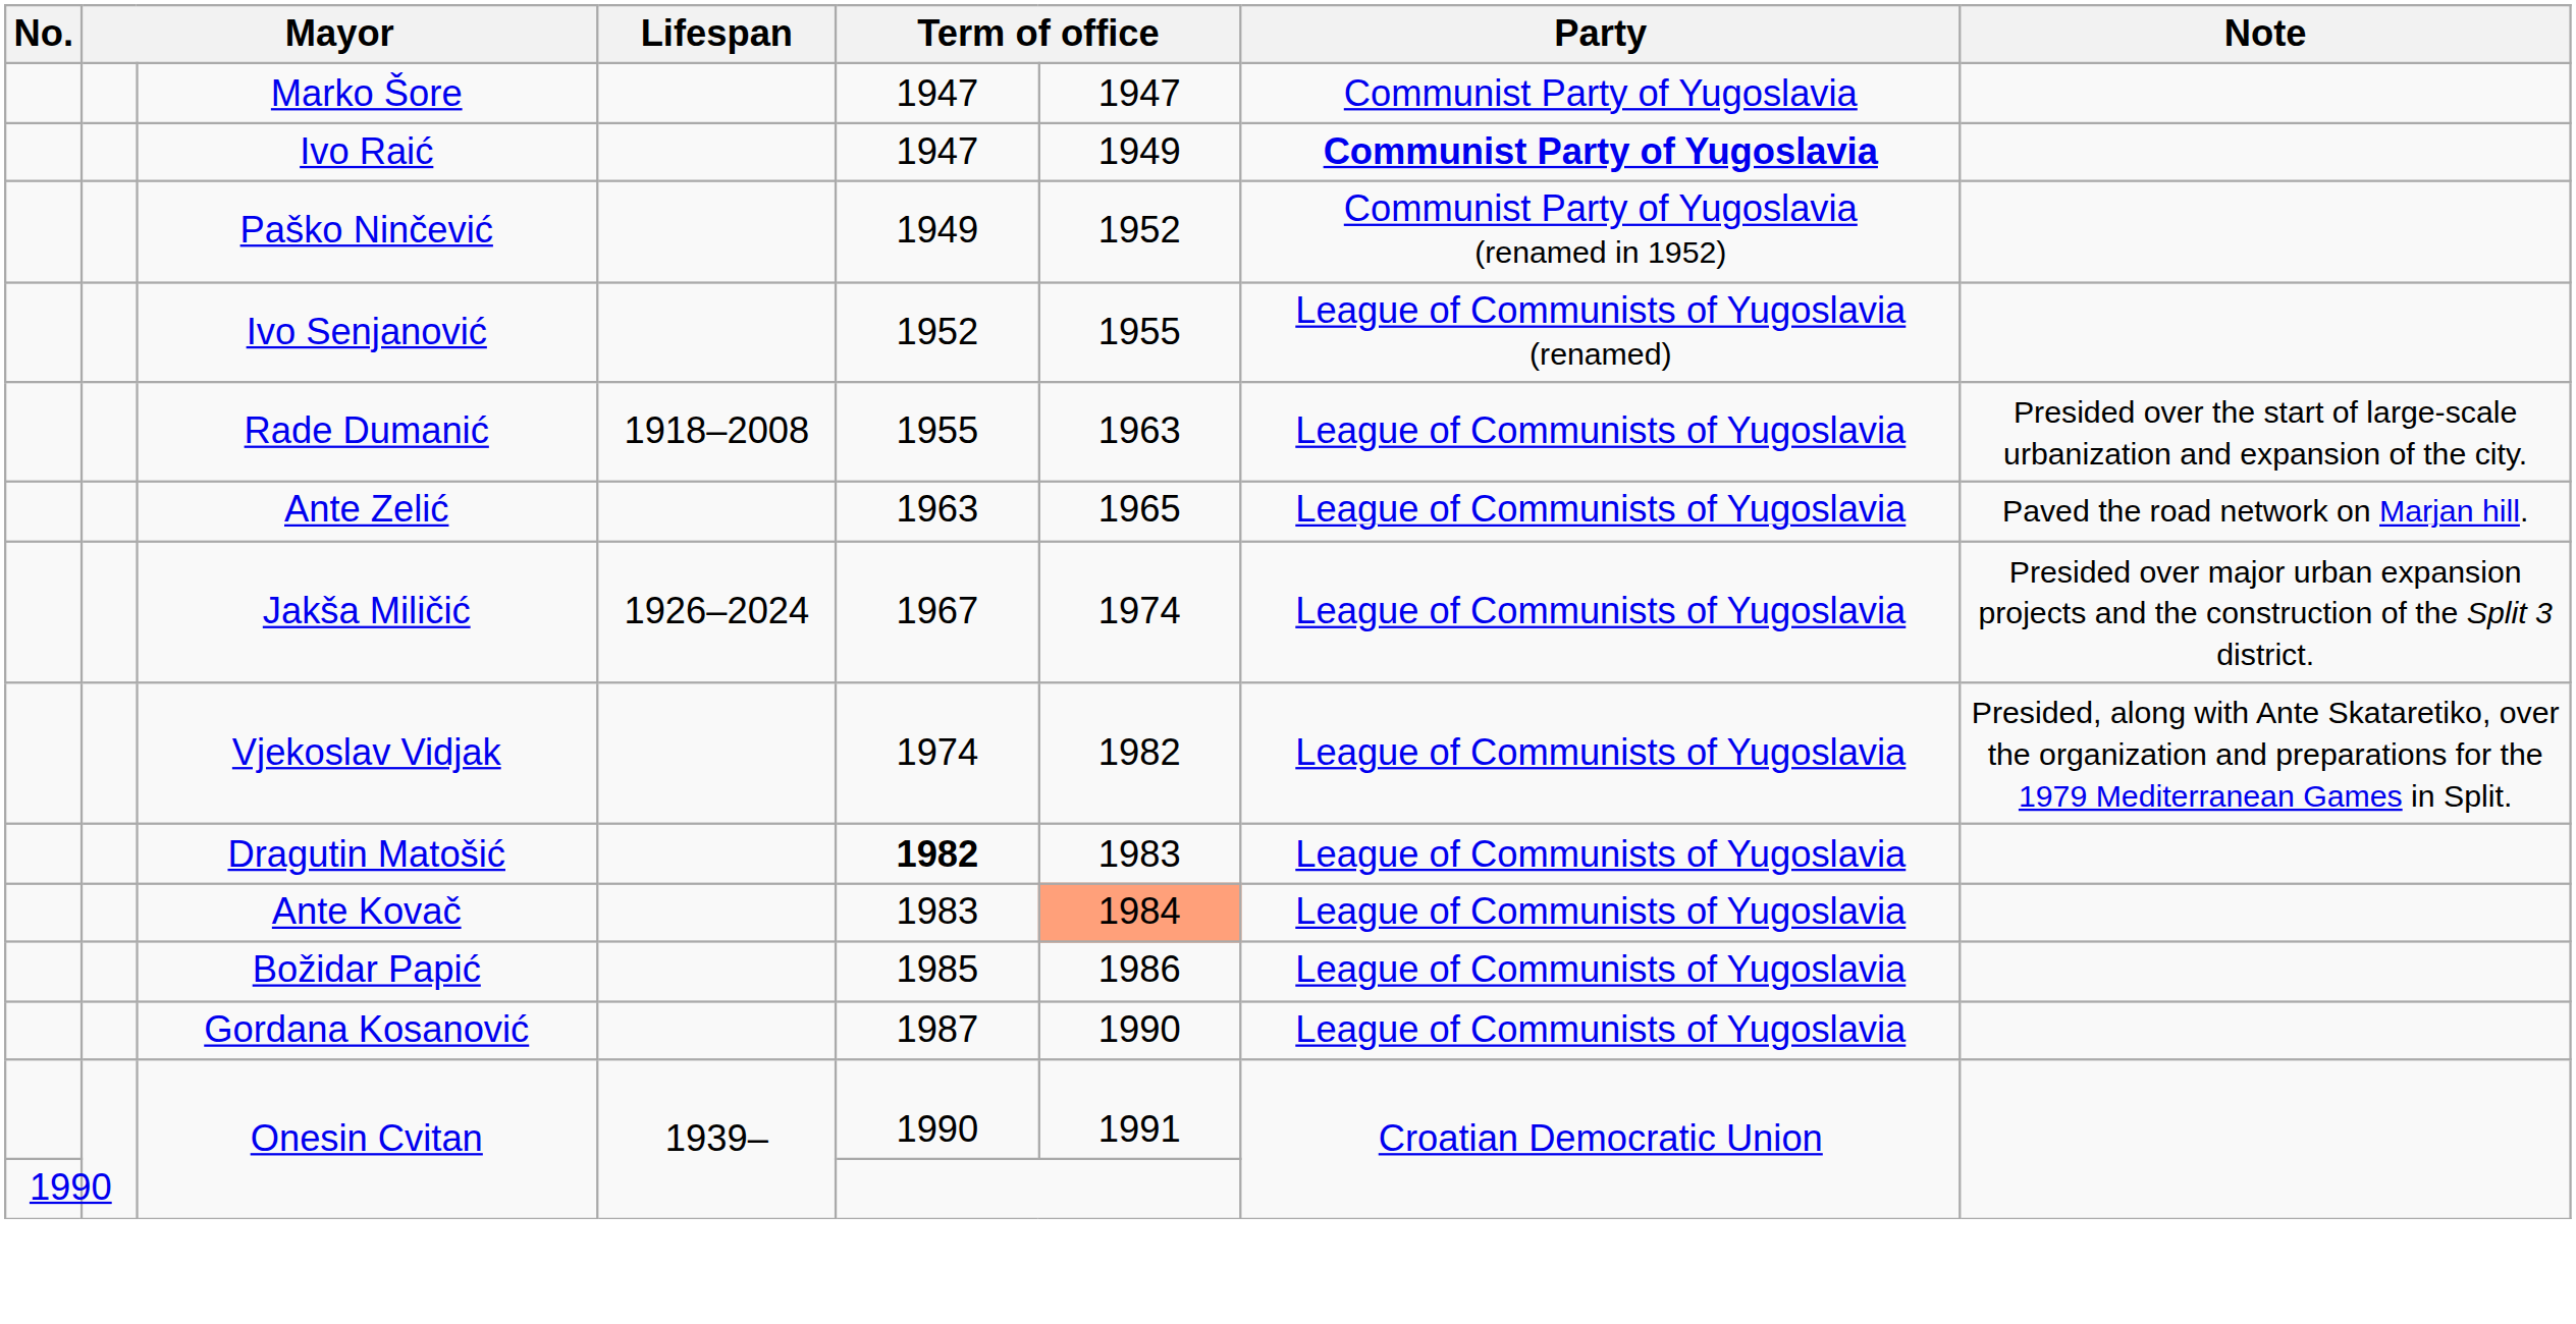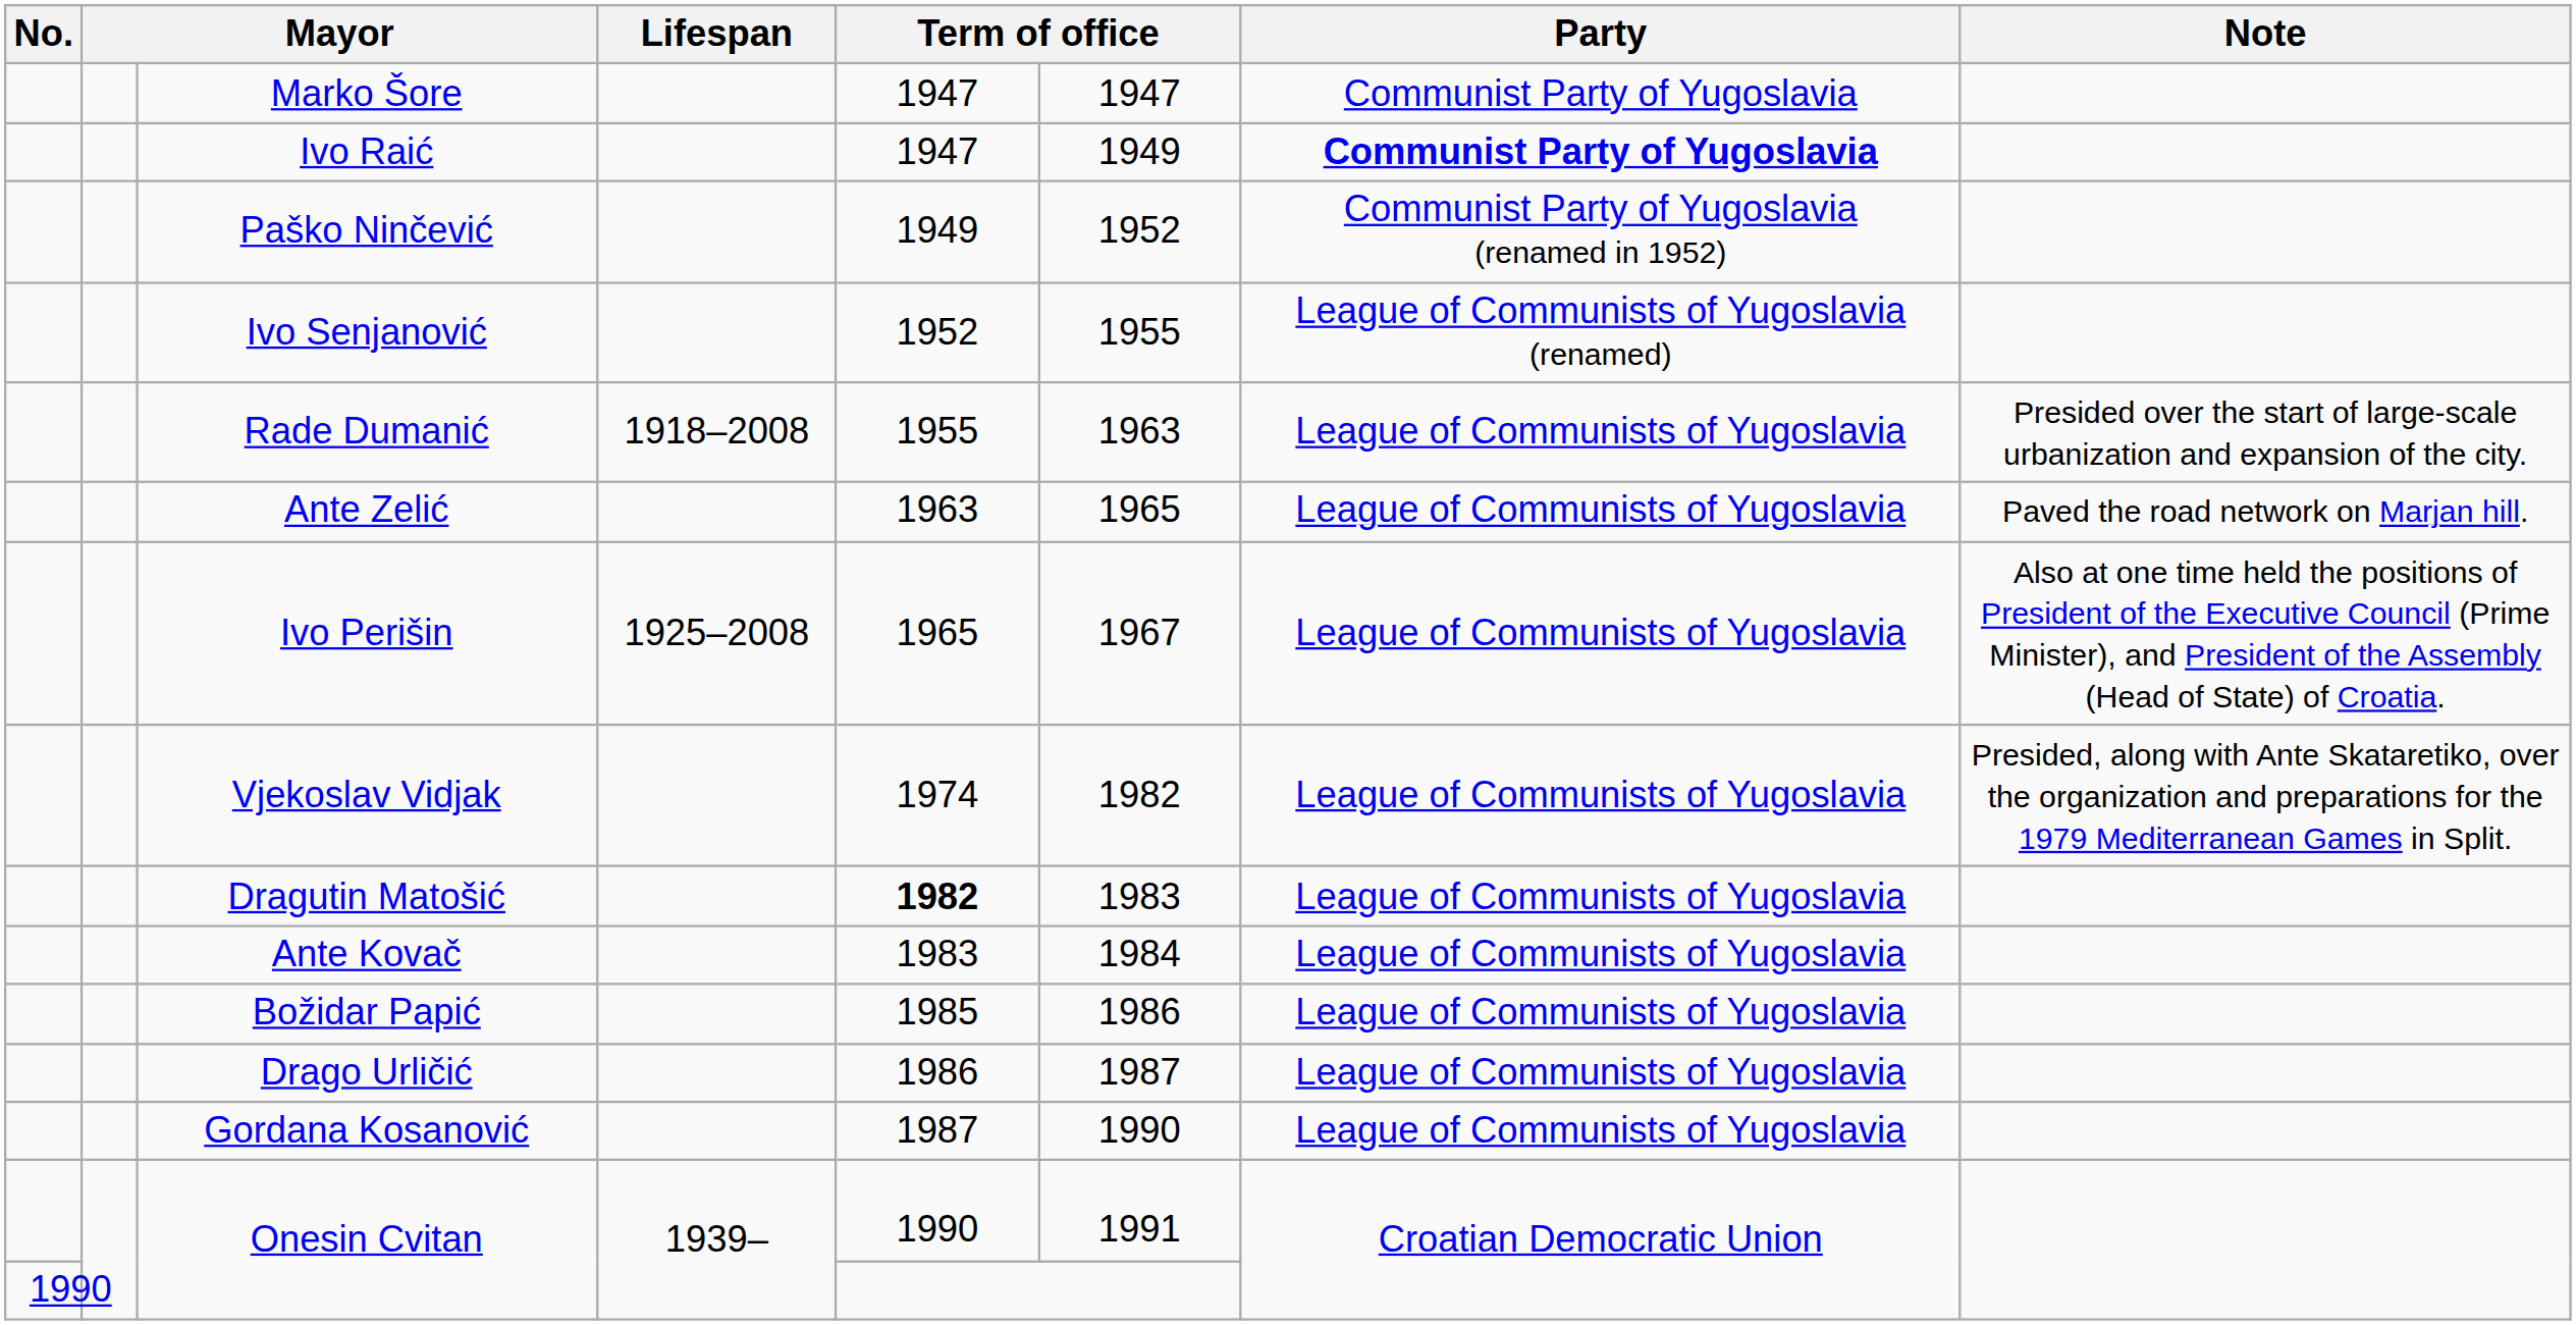 <table class="wikitable" style="text-align:center;">
 <tr>
 <th>No.</th>
 <th colspan=2>Mayor</th>
 <th>Lifespan</th>
 <th colspan=2>Term of office</th>
 <th>Party</th>
 <th>Note</th>
 </tr>
 <tr>
 <td style="background: "></td>
 <td style="width:1em;"></td>
 <td style="width:12em;"><a href='#'>Marko Šore</a></td>
 <td style="width:6em;"></td>
 <td style="width:5em;"><small></small>1947</td>
 <td style="width:5em;"><small></small>1947</td>
 <td style="width:19em;"><a href='#'>Communist Party of Yugoslavia</a></td>
 <td style="width:16em;"><small></small></td>
 </tr>
 <tr>
 <td style="background: "></td>
 <td style="width:1em;"></td>
 <td style="width:12em;"><a href='#'>Ivo Raić</a></td>
 <td style="width:6em;"></td>
 <td style="width:5em;"><small></small>1947</td>
 <td style="width:5em;"><small></small>1949</td>
 <td style="width:19em;"><strong><a href='#'>Communist Party of Yugoslavia</a></strong></td>
 <td style="width:16em;"><small></small></td>
 </tr>
 <tr>
 <td style="background: "></td>
 <td style="width:1em;"></td>
 <td style="width:12em;"><a href='#'>Paško Ninčević</a></td>
 <td style="width:6em;"></td>
 <td style="width:5em;"><small></small>1949</td>
 <td style="width:5em;"><small></small>1952</td>
 <td style="width:19em;"><a href='#'>Communist Party of Yugoslavia</a><br><small>(renamed in 1952)</small></td>
 <td style="width:16em;"><small></small></td>
 </tr>
 <tr>
 <td style="background: "></td>
 <td style="width:1em;"></td>
 <td style="width:12em;"><a href='#'>Ivo Senjanović</a></td>
 <td style="width:6em;"></td>
 <td style="width:5em;"><small></small>1952</td>
 <td style="width:5em;"><small></small>1955</td>
 <td style="width:19em;"><a href='#'>League of Communists of Yugoslavia</a><br><small>(renamed)</small></td>
 <td style="width:16em;"><small></small></td>
 </tr>
 <tr>
 <td style="background: "></td>
 <td style="width:1em;"></td>
 <td style="width:12em;"><a href='#'>Rade Dumanić</a></td>
 <td style="width:6em;">1918–2008</td>
 <td style="width:5em;"><small></small>1955</td>
 <td style="width:5em;"><small></small>1963</td>
 <td style="width:19em;"><a href='#'>League of Communists of Yugoslavia</a></td>
 <td style="width:16em;"><small>Presided over the start of large-scale urbanization and expansion of the city.</small></td>
 </tr>
 <tr>
 <td style="background: "></td>
 <td style="width:1em;"></td>
 <td style="width:12em;"><a href='#'>Ante Zelić</a></td>
 <td style="width:6em;"></td>
 <td style="width:5em;"><small></small>1963</td>
 <td style="width:5em;"><small></small>1965</td>
 <td style="width:19em;"><a href='#'>League of Communists of Yugoslavia</a></td>
 <td style="width:16em;"><small>Paved the road network on <a href='#'>Marjan hill</a>.</small></td>
 </tr>
 <tr>
 <td style="background: "></td>
 <td style="width:1em;"></td>
-<td style="width:12em;"><a href='#'>Jakša Miličić</a></td>
-<td style="width:6em;">1926–2024</td>
+<td style="width:12em;"><a href='#'>Ivo Perišin</a></td>
+<td style="width:6em;">1925–2008</td>
+<td style="width:5em;"><small></small>1965</td>
 <td style="width:5em;"><small></small>1967</td>
-<td style="width:5em;"><small></small>1974</td>
 <td style="width:19em;"><a href='#'>League of Communists of Yugoslavia</a></td>
-<td style="width:16em;"><small>Presided over major urban expansion projects and the construction of the <em>Split 3</em> district.</small></td>
+<td style="width:16em;"><small>Also at one time held the positions of <a href='#'>President of the Executive Council</a> (Prime Minister), and <a href='#'>President of the Assembly</a> (Head of State) of <a href='#'>Croatia</a>.</small></td>
 </tr>
 <tr>
 <td style="background: "></td>
 <td style="width:1em;"></td>
 <td style="width:12em;"><a href='#'>Vjekoslav Vidjak</a></td>
 <td style="width:6em;"></td>
 <td style="width:5em;"><small></small>1974</td>
 <td style="width:5em;"><small></small>1982</td>
 <td style="width:19em;"><a href='#'>League of Communists of Yugoslavia</a></td>
 <td style="width:16em;"><small>Presided, along with Ante Skataretiko, over the organization and preparations for the <a href='#'>1979 Mediterranean Games</a> in Split.</small></td>
 </tr>
 <tr>
 <td style="background: "></td>
 <td style="width:1em;"></td>
 <td style="width:12em;"><a href='#'>Dragutin Matošić</a></td>
 <td style="width:6em;"></td>
 <td style="width:5em;"><strong><small></small>1982</strong></td>
 <td style="width:5em;"><small></small>1983</td>
 <td style="width:19em;"><a href='#'>League of Communists of Yugoslavia</a></td>
 <td style="width:16em;"><small></small></td>
 </tr>
 <tr>
 <td style="background: "></td>
 <td style="width:1em;"></td>
 <td style="width:12em;"><a href='#'>Ante Kovač</a></td>
 <td style="width:6em;"></td>
 <td style="width:5em;"><small></small>1983</td>
-<td style="background: lightsalmon; width:5em;"><small></small>1984</td>
+<td style="width:5em;"><small></small>1984</td>
 <td style="width:19em;"><a href='#'>League of Communists of Yugoslavia</a></td>
 <td style="width:16em;"><small></small></td>
 </tr>
 <tr>
 <td style="background: "></td>
 <td style="width:1em;"></td>
 <td style="width:12em;"><a href='#'>Božidar Papić</a></td>
 <td style="width:6em;"></td>
 <td style="width:5em;"><small></small>1985</td>
 <td style="width:5em;"><small></small>1986</td>
+<td style="width:19em;"><a href='#'>League of Communists of Yugoslavia</a></td>
+<td style="width:16em;"><small></small></td>
+</tr>
+<tr>
+<td style="background: "></td>
+<td style="width:1em;"></td>
+<td style="width:12em;"><a href='#'>Drago Urličić</a></td>
+<td style="width:6em;"></td>
+<td style="width:5em;"><small></small>1986</td>
+<td style="width:5em;"><small></small>1987</td>
 <td style="width:19em;"><a href='#'>League of Communists of Yugoslavia</a></td>
 <td style="width:16em;"><small></small></td>
 </tr>
 <tr>
 <td style="background: "></td>
 <td style="width:1em;"></td>
 <td style="width:12em;"><a href='#'>Gordana Kosanović</a></td>
 <td style="width:6em;"></td>
 <td style="width:5em;"><small></small>1987</td>
 <td style="width:5em;"><small></small>1990</td>
 <td style="width:19em;"><a href='#'>League of Communists of Yugoslavia</a></td>
 <td style="width:16em;"><small></small></td>
 </tr>
 <tr>
 <td style="background: "></td>
 <td style="width:1em;" rowspan="2"></td>
 <td style="width:12em;" rowspan="2"><a href='#'>Onesin Cvitan</a></td>
 <td style="width:6em;" rowspan="2">1939–</td>
 <td style="width:5em;"><small></small><br>1990</td>
 <td style="width:5em;"><small></small><br>1991</td>
 <td style="width:19em;" rowspan="2"><a href='#'>Croatian Democratic Union</a></td>
 <td style="width:16em;" rowspan="2"><small></small></td>
 </tr>
 <tr>
 <td colspan="2" align="center"><a href='#'>1990</a></td>
 </tr>
 </table>
